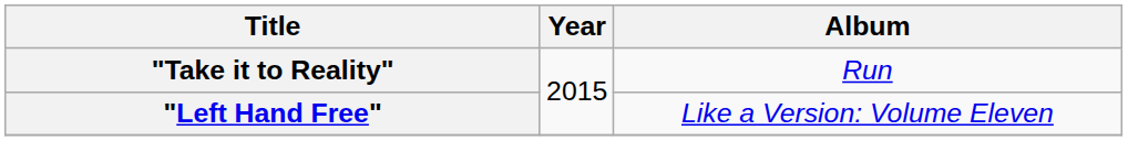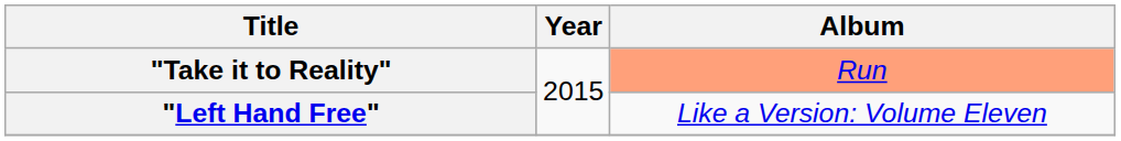 <table class="wikitable plainrowheaders" style="text-align:center;" border="1">
 <tr>
 <th scope="col" style="width:19em;">Title</th>
 <th scope="col" style="width:1em;">Year</th>
 <th scope="col" style="width:18em;">Album</th>
 </tr>
 <tr>
 <th scope="row">"Take it to Reality"<br></th>
 <td rowspan="2">2015</td>
-<td><em><a href='#'>Run</a></em></td>
+<td style="background: lightsalmon;"><em><a href='#'>Run</a></em></td>
 </tr>
 <tr>
 <th scope="row">"<a href='#'>Left Hand Free</a>"</th>
 <td><em><a href='#'>Like a Version: Volume Eleven</a></em></td>
 </tr>
 <tr>
 </tr>
 </table>
